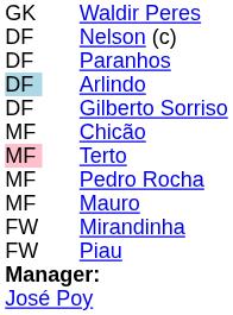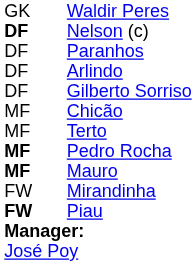 <table cellspacing="0" cellpadding="0" style="font-size:90%; margin:0.2em auto;">
 <tr>
 <th width="25"></th>
 <th width="25"></th>
 </tr>
 <tr>
 <td>GK</td>
 <td></td>
 <td> <a href='#'>Waldir Peres</a></td>
 </tr>
 <tr>
-<td>DF</td>
+<td><strong>DF</strong></td>
 <td></td>
 <td> <a href='#'>Nelson</a> (c)</td>
 </tr>
 <tr>
 <td>DF</td>
 <td></td>
 <td> <a href='#'>Paranhos</a></td>
 </tr>
 <tr>
-<td style="background: lightblue;">DF</td>
+<td>DF</td>
 <td></td>
 <td> <a href='#'>Arlindo</a></td>
 </tr>
 <tr>
 <td>DF</td>
 <td></td>
 <td> <a href='#'>Gilberto Sorriso</a></td>
 </tr>
 <tr>
 <td>MF</td>
 <td></td>
 <td> <a href='#'>Chicão</a></td>
 </tr>
 <tr>
-<td style="background: pink;">MF</td>
+<td>MF</td>
 <td></td>
 <td> <a href='#'>Terto</a></td>
 </tr>
 <tr>
-<td>MF</td>
+<td><strong>MF</strong></td>
 <td></td>
 <td> <a href='#'>Pedro Rocha</a></td>
 </tr>
 <tr>
-<td>MF</td>
+<td><strong>MF</strong></td>
 <td></td>
 <td> <a href='#'>Mauro</a></td>
 </tr>
 <tr>
 <td>FW</td>
 <td></td>
 <td> <a href='#'>Mirandinha</a></td>
 </tr>
 <tr>
-<td>FW</td>
+<td><strong>FW</strong></td>
 <td></td>
 <td> <a href='#'>Piau</a></td>
 </tr>
 <tr>
 <td colspan=3><strong>Manager:</strong></td>
 </tr>
 <tr>
 <td colspan=4> <a href='#'>José Poy</a></td>
 </tr>
 </table>
